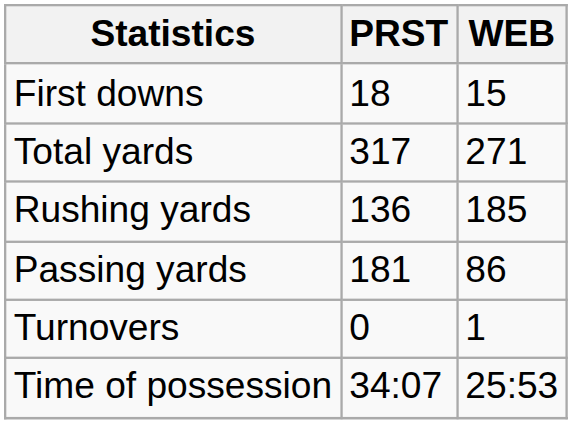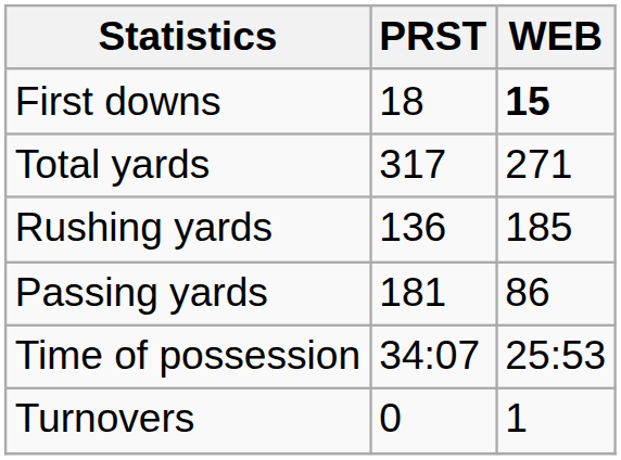 <table class="wikitable">
 <tr>
 <th>Statistics</th>
 <th>PRST</th>
 <th>WEB</th>
 </tr>
 <tr>
 <td>First downs</td>
 <td>18</td>
-<td>15</td>
+<td><strong>15</strong></td>
 </tr>
 <tr>
 <td>Total yards</td>
 <td>317</td>
 <td>271</td>
 </tr>
 <tr>
 <td>Rushing yards</td>
 <td>136</td>
 <td>185</td>
 </tr>
 <tr>
 <td>Passing yards</td>
 <td>181</td>
 <td>86</td>
 </tr>
 <tr>
+<td>Time of possession</td>
+<td>34:07</td>
+<td>25:53</td>
+</tr>
+<tr>
 <td>Turnovers</td>
 <td>0</td>
 <td>1</td>
 </tr>
 <tr>
-<td>Time of possession</td>
-<td>34:07</td>
-<td>25:53</td>
-</tr>
-<tr>
 </tr>
 </table>
